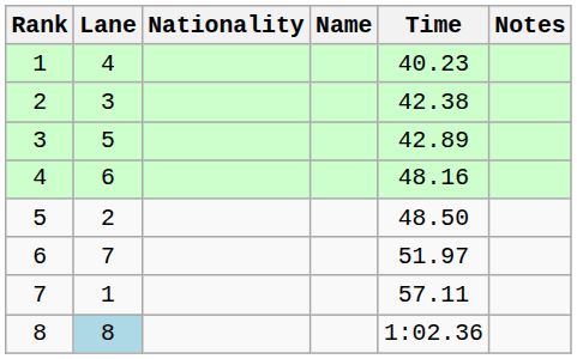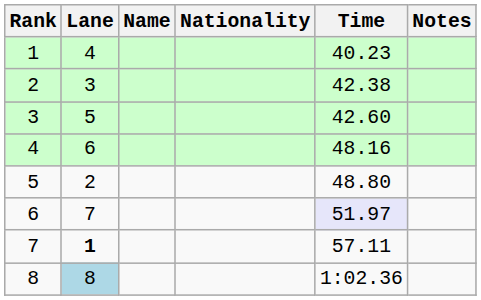 <table class="wikitable sortable" style="text-align:center">
 <tr>
 <th>Rank</th>
 <th>Lane</th>
+<th>Name</th>
 <th>Nationality</th>
-<th>Name</th>
 <th>Time</th>
 <th>Notes</th>
 </tr>
 <tr bgcolor=ccffcc>
 <td>1</td>
 <td>4</td>
 <td align=left></td>
 <td align=left></td>
 <td>40.23</td>
 <td><strong></strong> <strong></strong></td>
 </tr>
 <tr bgcolor=ccffcc>
 <td>2</td>
 <td>3</td>
 <td align=left></td>
 <td align=left></td>
 <td>42.38</td>
 <td><strong></strong></td>
 </tr>
 <tr bgcolor=ccffcc>
 <td>3</td>
 <td>5</td>
 <td align=left></td>
 <td align=left></td>
-<td>42.89</td>
+<td>42.60</td>
 <td><strong></strong></td>
 </tr>
 <tr bgcolor=ccffcc>
 <td>4</td>
 <td>6</td>
 <td align=left></td>
 <td align=left></td>
 <td>48.16</td>
 <td><strong></strong></td>
 </tr>
 <tr>
 <td>5</td>
 <td>2</td>
 <td align=left></td>
 <td align=left></td>
-<td>48.50</td>
+<td>48.80</td>
 <td></td>
 </tr>
 <tr>
 <td>6</td>
 <td>7</td>
 <td align=left></td>
 <td align=left></td>
-<td>51.97</td>
+<td style="background: lavender;">51.97</td>
 <td></td>
 </tr>
 <tr>
 <td>7</td>
-<td>1</td>
+<td><strong>1</strong></td>
 <td align=left></td>
 <td align=left></td>
 <td>57.11</td>
 <td></td>
 </tr>
 <tr>
 <td>8</td>
 <td style="background: lightblue;">8</td>
 <td align=left></td>
 <td align=left></td>
 <td>1:02.36</td>
 <td></td>
 </tr>
 </table>
